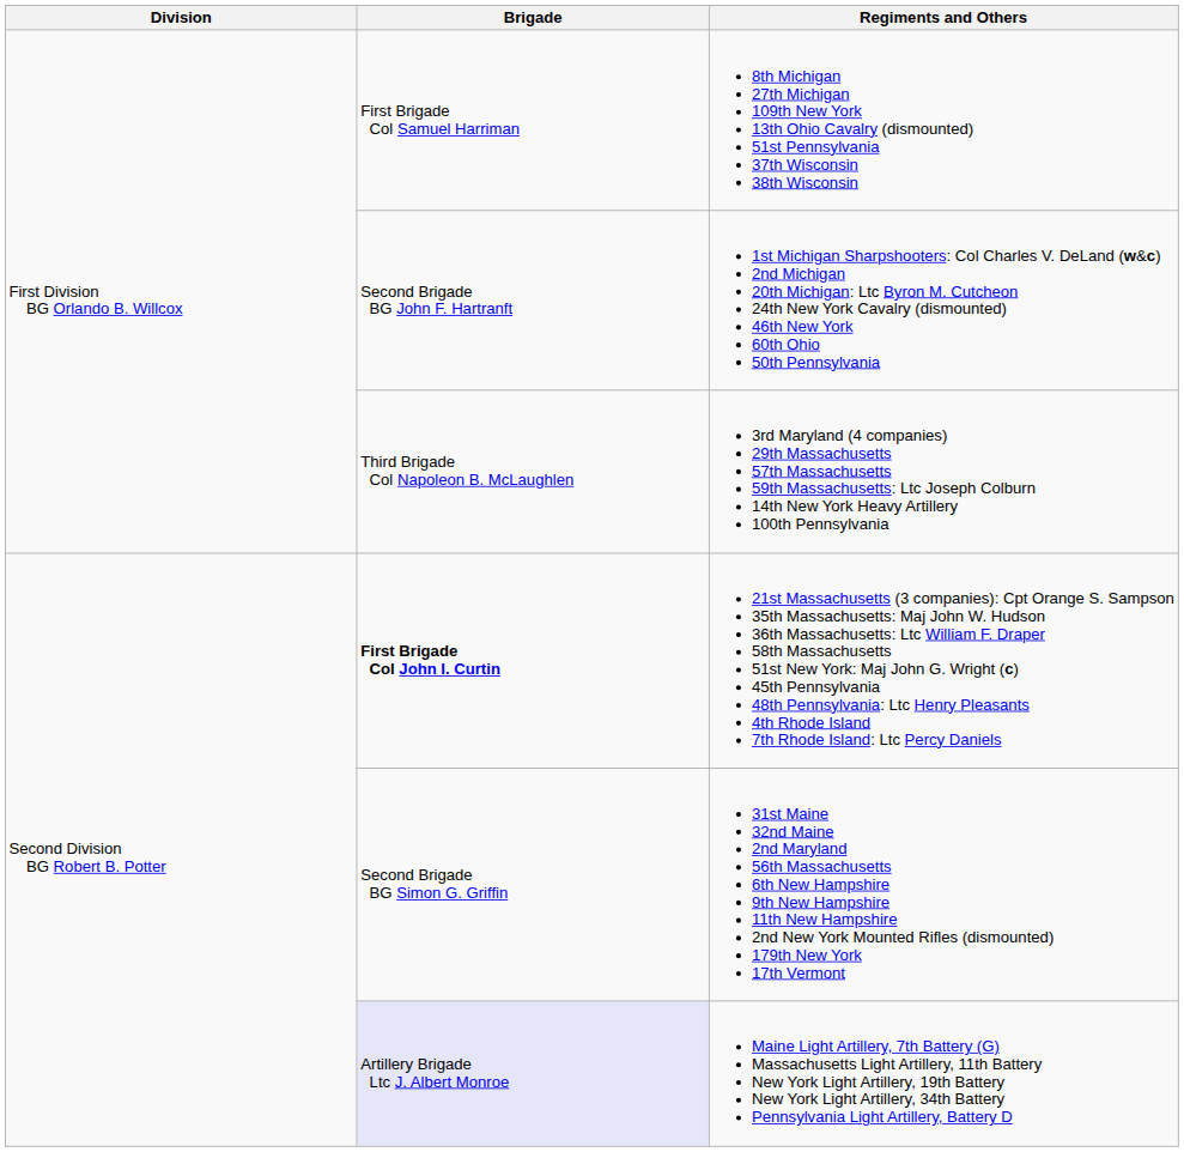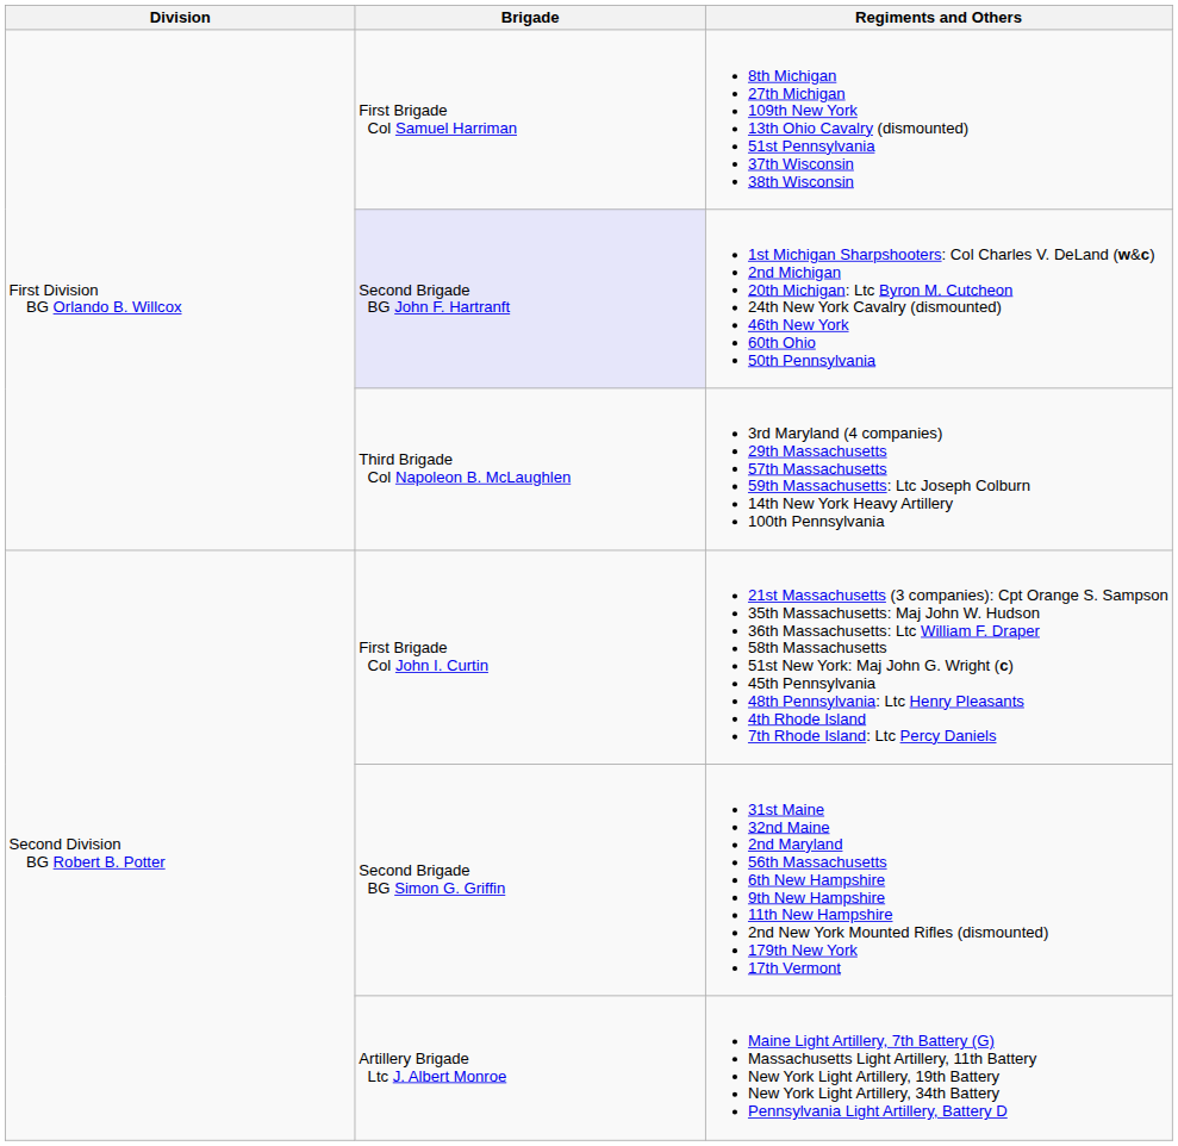 <table class="wikitable">
 <tr>
 <th width=30%>Division</th>
 <th width=30%>Brigade</th>
 <th>Regiments and Others</th>
 </tr>
 <tr>
 <td rowspan = 3><br>First Division <br>    BG <a href='#'>Orlando B. Willcox</a></td>
 <td>First Brigade<br>  Col <a href='#'>Samuel Harriman</a></td>
 <td><br><ul><li><a href='#'>8th Michigan</a></li><li><a href='#'>27th Michigan</a></li><li><a href='#'>109th New York</a></li><li><a href='#'>13th Ohio Cavalry</a> (dismounted)</li><li><a href='#'>51st Pennsylvania</a></li><li><a href='#'>37th Wisconsin</a></li><li><a href='#'>38th Wisconsin</a></li></ul></td>
 </tr>
 <tr>
-<td>Second Brigade<br>  BG <a href='#'>John F. Hartranft</a></td>
+<td style="background: lavender;">Second Brigade<br>  BG <a href='#'>John F. Hartranft</a></td>
 <td><br><ul><li><a href='#'>1st Michigan Sharpshooters</a>: Col Charles V. DeLand (<strong>w</strong>&<strong>c</strong>)</li><li><a href='#'>2nd Michigan</a></li><li><a href='#'>20th Michigan</a>: Ltc <a href='#'>Byron M. Cutcheon</a></li><li>24th New York Cavalry (dismounted)</li><li><a href='#'>46th New York</a></li><li><a href='#'>60th Ohio</a></li><li><a href='#'>50th Pennsylvania</a></li></ul></td>
 </tr>
 <tr>
 <td>Third Brigade<br>  Col <a href='#'>Napoleon B. McLaughlen</a></td>
 <td><br><ul><li>3rd Maryland (4 companies)</li><li><a href='#'>29th Massachusetts</a></li><li><a href='#'>57th Massachusetts</a></li><li><a href='#'>59th Massachusetts</a>: Ltc Joseph Colburn</li><li>14th New York Heavy Artillery</li><li>100th Pennsylvania</li></ul></td>
 </tr>
 <tr>
 <td rowspan = 3><br>Second Division <br>    BG <a href='#'>Robert B. Potter</a></td>
-<td><strong>First Brigade<br>  Col <a href='#'>John I. Curtin</a></strong></td>
+<td>First Brigade<br>  Col <a href='#'>John I. Curtin</a></td>
 <td><br><ul><li><a href='#'>21st Massachusetts</a> (3 companies): Cpt Orange S. Sampson</li><li>35th Massachusetts: Maj John W. Hudson</li><li>36th Massachusetts: Ltc <a href='#'>William F. Draper</a></li><li>58th Massachusetts</li><li>51st New York: Maj John G. Wright (<strong>c</strong>)</li><li>45th Pennsylvania</li><li><a href='#'>48th Pennsylvania</a>: Ltc <a href='#'>Henry Pleasants</a></li><li><a href='#'>4th Rhode Island</a></li><li><a href='#'>7th Rhode Island</a>: Ltc <a href='#'>Percy Daniels</a></li></ul></td>
 </tr>
 <tr>
 <td>Second Brigade<br>  BG <a href='#'>Simon G. Griffin</a></td>
 <td><br><ul><li><a href='#'>31st Maine</a></li><li><a href='#'>32nd Maine</a></li><li><a href='#'>2nd Maryland</a></li><li><a href='#'>56th Massachusetts</a></li><li><a href='#'>6th New Hampshire</a></li><li><a href='#'>9th New Hampshire</a></li><li><a href='#'>11th New Hampshire</a></li><li>2nd New York Mounted Rifles (dismounted)</li><li><a href='#'>179th New York</a></li><li><a href='#'>17th Vermont</a></li></ul></td>
 </tr>
 <tr>
-<td style="background: lavender;">Artillery Brigade<br>  Ltc <a href='#'>J. Albert Monroe</a></td>
+<td>Artillery Brigade<br>  Ltc <a href='#'>J. Albert Monroe</a></td>
 <td><br><ul><li><a href='#'>Maine Light Artillery, 7th Battery (G)</a></li><li>Massachusetts Light Artillery, 11th Battery</li><li>New York Light Artillery, 19th Battery</li><li>New York Light Artillery, 34th Battery</li><li><a href='#'>Pennsylvania Light Artillery, Battery D</a></li></ul></td>
 </tr>
 </table>
